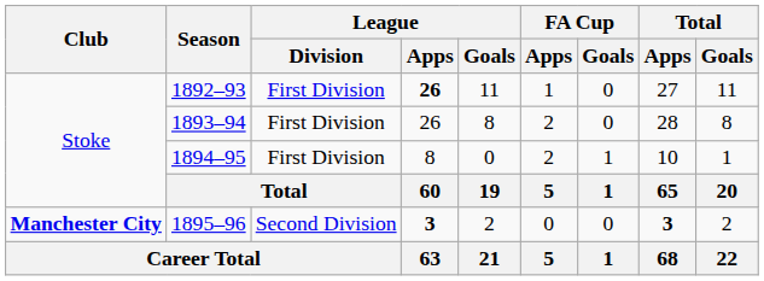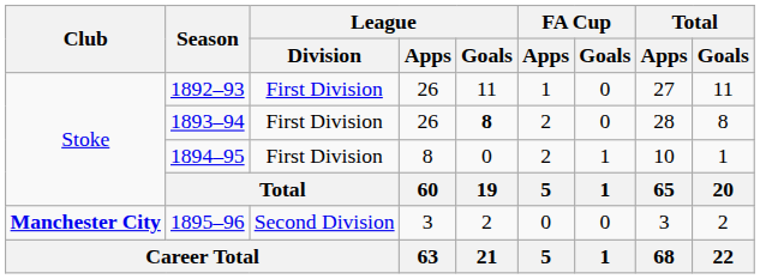 <table class="wikitable" style="text-align: center;">
 <tr>
 <th rowspan="2">Club</th>
 <th rowspan="2">Season</th>
 <th colspan="3">League</th>
 <th colspan="2">FA Cup</th>
 <th colspan="2">Total</th>
 </tr>
 <tr>
 <th>Division</th>
 <th>Apps</th>
 <th>Goals</th>
 <th>Apps</th>
 <th>Goals</th>
 <th>Apps</th>
 <th>Goals</th>
 </tr>
 <tr>
 <td rowspan="4"><a href='#'>Stoke</a></td>
 <td><a href='#'>1892–93</a></td>
 <td><a href='#'>First Division</a></td>
-<td><strong>26</strong></td>
+<td>26</td>
 <td>11</td>
 <td>1</td>
 <td>0</td>
 <td>27</td>
 <td>11</td>
 </tr>
 <tr>
 <td><a href='#'>1893–94</a></td>
 <td>First Division</td>
 <td>26</td>
-<td>8</td>
+<td><strong>8</strong></td>
 <td>2</td>
 <td>0</td>
 <td>28</td>
 <td>8</td>
 </tr>
 <tr>
 <td><a href='#'>1894–95</a></td>
 <td>First Division</td>
 <td>8</td>
 <td>0</td>
 <td>2</td>
 <td>1</td>
 <td>10</td>
 <td>1</td>
 </tr>
 <tr>
 <th colspan=2>Total</th>
 <th>60</th>
 <th>19</th>
 <th>5</th>
 <th>1</th>
 <th>65</th>
 <th>20</th>
 </tr>
 <tr>
 <td><strong><a href='#'>Manchester City</a></strong></td>
 <td><a href='#'>1895–96</a></td>
 <td><a href='#'>Second Division</a></td>
-<td><strong>3</strong></td>
+<td>3</td>
 <td>2</td>
 <td>0</td>
 <td>0</td>
-<td><strong>3</strong></td>
+<td>3</td>
 <td>2</td>
 </tr>
 <tr>
 <th colspan=3>Career Total</th>
 <th>63</th>
 <th>21</th>
 <th>5</th>
 <th>1</th>
 <th>68</th>
 <th>22</th>
 </tr>
 </table>
